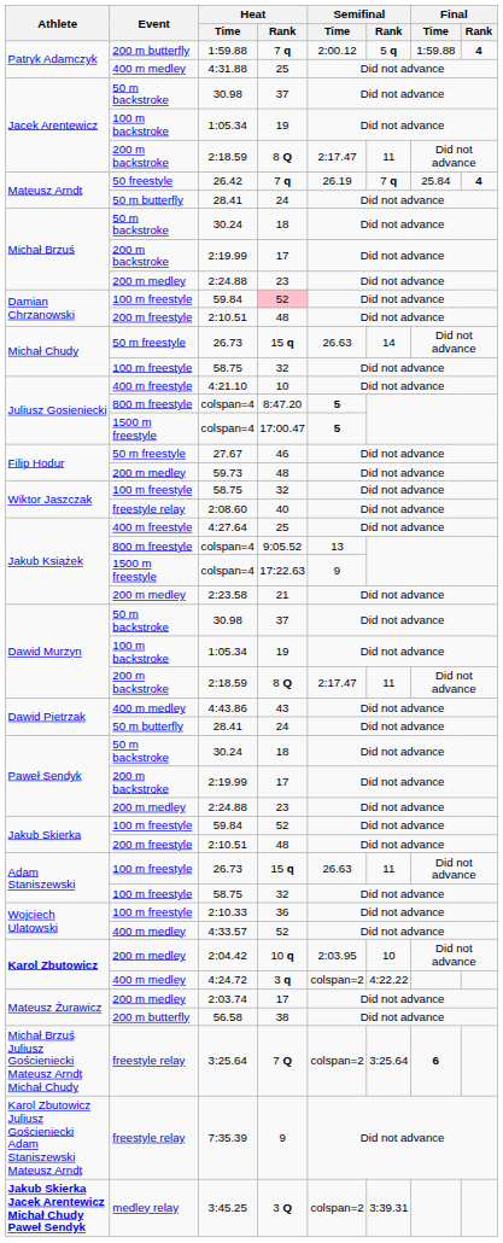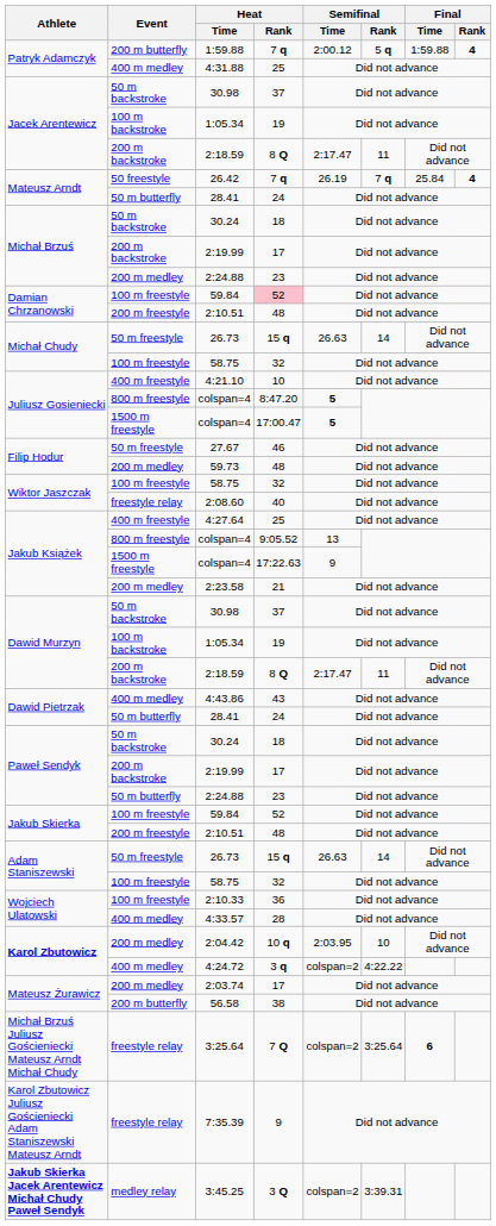 <table class=wikitable style="font-size:90%">
 <tr>
 <th rowspan="2">Athlete</th>
 <th rowspan="2">Event</th>
 <th colspan="2">Heat</th>
 <th colspan="2">Semifinal</th>
 <th colspan="2">Final</th>
 </tr>
 <tr style="font-size:95%">
 <th>Time</th>
 <th>Rank</th>
 <th>Time</th>
 <th>Rank</th>
 <th>Time</th>
 <th>Rank</th>
 </tr>
 <tr align=center>
 <td align=left rowspan=2><a href='#'>Patryk Adamczyk</a></td>
 <td align=left><a href='#'>200 m butterfly</a></td>
 <td>1:59.88</td>
 <td>7 <strong>q</strong></td>
 <td>2:00.12</td>
 <td>5 <strong>q</strong></td>
 <td>1:59.88</td>
 <td><strong>4</strong></td>
 </tr>
 <tr align=center>
 <td align=left><a href='#'>400 m medley</a></td>
 <td>4:31.88</td>
 <td>25</td>
 <td colspan=4>Did not advance</td>
 </tr>
 <tr align=center>
 <td align=left rowspan=3><a href='#'>Jacek Arentewicz</a></td>
 <td align=left><a href='#'>50 m backstroke</a></td>
 <td>30.98</td>
 <td>37</td>
 <td colspan=4>Did not advance</td>
 </tr>
 <tr align=center>
 <td align=left><a href='#'>100 m backstroke</a></td>
 <td>1:05.34</td>
 <td>19</td>
 <td colspan=4>Did not advance</td>
 </tr>
 <tr align=center>
 <td align=left><a href='#'>200 m backstroke</a></td>
 <td>2:18.59</td>
 <td>8 <strong>Q</strong></td>
 <td>2:17.47</td>
 <td>11</td>
 <td colspan=2>Did not advance</td>
 </tr>
 <tr align=center>
 <td align=left rowspan=2><a href='#'>Mateusz Arndt</a></td>
 <td align=left><a href='#'>50 freestyle</a></td>
 <td>26.42</td>
 <td>7 <strong>q</strong></td>
 <td>26.19</td>
 <td>7 <strong>q</strong></td>
 <td>25.84</td>
 <td><strong>4</strong></td>
 </tr>
 <tr align=center>
 <td align=left><a href='#'>50 m butterfly</a></td>
 <td>28.41</td>
 <td>24</td>
 <td colspan=4>Did not advance</td>
 </tr>
 <tr align=center>
 <td align=left rowspan=3><a href='#'>Michał Brzuś</a></td>
 <td align=left><a href='#'>50 m backstroke</a></td>
 <td>30.24</td>
 <td>18</td>
 <td colspan=4>Did not advance</td>
 </tr>
 <tr align=center>
 <td align=left><a href='#'>200 m backstroke</a></td>
 <td>2:19.99</td>
 <td>17</td>
 <td colspan=4>Did not advance</td>
 </tr>
 <tr align=center>
 <td align=left><a href='#'>200 m medley</a></td>
 <td>2:24.88</td>
 <td>23</td>
 <td colspan=4>Did not advance</td>
 </tr>
 <tr align=center>
 <td align=left rowspan=2><a href='#'>Damian Chrzanowski</a></td>
 <td align=left><a href='#'>100 m freestyle</a></td>
 <td>59.84</td>
 <td style="background: pink;">52</td>
 <td colspan=4>Did not advance</td>
 </tr>
 <tr align=center>
 <td align=left><a href='#'>200 m freestyle</a></td>
 <td>2:10.51</td>
 <td>48</td>
 <td colspan=4>Did not advance</td>
 </tr>
 <tr align=center>
 <td align=left rowspan=2><a href='#'>Michał Chudy</a></td>
 <td align=left><a href='#'>50 m freestyle</a></td>
 <td>26.73</td>
 <td>15 <strong>q</strong></td>
 <td>26.63</td>
 <td>14</td>
 <td colspan=2>Did not advance</td>
 </tr>
 <tr align=center>
 <td align=left><a href='#'>100 m freestyle</a></td>
 <td>58.75</td>
 <td>32</td>
 <td colspan=4>Did not advance</td>
 </tr>
 <tr align=center>
 <td align=left rowspan=3><a href='#'>Juliusz Gosieniecki</a></td>
 <td align=left><a href='#'>400 m freestyle</a></td>
 <td>4:21.10</td>
 <td>10</td>
 <td colspan=4>Did not advance</td>
 </tr>
 <tr align=center>
 <td align=left><a href='#'>800 m freestyle</a></td>
 <td>colspan=4 </td>
 <td>8:47.20</td>
 <td><strong>5</strong></td>
 </tr>
 <tr align=center>
 <td align=left><a href='#'>1500 m freestyle</a></td>
 <td>colspan=4 </td>
 <td>17:00.47</td>
 <td><strong>5</strong></td>
 </tr>
 <tr align=center>
 <td align=left rowspan=2><a href='#'>Filip Hodur</a></td>
 <td align=left><a href='#'>50 m freestyle</a></td>
 <td>27.67</td>
 <td>46</td>
 <td colspan=4>Did not advance</td>
 </tr>
 <tr align=center>
 <td align=left><a href='#'>200 m medley</a></td>
 <td>59.73</td>
 <td>48</td>
 <td colspan=4>Did not advance</td>
 </tr>
 <tr align=center>
 <td align=left rowspan=2><a href='#'>Wiktor Jaszczak</a></td>
 <td align=left><a href='#'>100 m freestyle</a></td>
 <td>58.75</td>
 <td>32</td>
 <td colspan=4>Did not advance</td>
 </tr>
 <tr align=center>
 <td align=left><a href='#'> freestyle relay</a></td>
 <td>2:08.60</td>
 <td>40</td>
 <td colspan=4>Did not advance</td>
 </tr>
 <tr align=center>
 <td align=left rowspan=4><a href='#'>Jakub Książek</a></td>
 <td align=left><a href='#'>400 m freestyle</a></td>
 <td>4:27.64</td>
 <td>25</td>
 <td colspan=4>Did not advance</td>
 </tr>
 <tr align=center>
 <td align=left><a href='#'>800 m freestyle</a></td>
 <td>colspan=4 </td>
 <td>9:05.52</td>
 <td>13</td>
 </tr>
 <tr align=center>
 <td align=left><a href='#'>1500 m freestyle</a></td>
 <td>colspan=4 </td>
 <td>17:22.63</td>
 <td>9</td>
 </tr>
 <tr align=center>
 <td align=left><a href='#'>200 m medley</a></td>
 <td>2:23.58</td>
 <td>21</td>
 <td colspan=4>Did not advance</td>
 </tr>
 <tr align=center>
 <td align=left rowspan=3><a href='#'>Dawid Murzyn</a></td>
 <td align=left><a href='#'>50 m backstroke</a></td>
 <td>30.98</td>
 <td>37</td>
 <td colspan=4>Did not advance</td>
 </tr>
 <tr align=center>
 <td align=left><a href='#'>100 m backstroke</a></td>
 <td>1:05.34</td>
 <td>19</td>
 <td colspan=4>Did not advance</td>
 </tr>
 <tr align=center>
 <td align=left><a href='#'>200 m backstroke</a></td>
 <td>2:18.59</td>
 <td>8 <strong>Q</strong></td>
 <td>2:17.47</td>
 <td>11</td>
 <td colspan=2>Did not advance</td>
 </tr>
 <tr align=center>
 <td align=left rowspan=2><a href='#'>Dawid Pietrzak</a></td>
 <td align=left><a href='#'>400 m medley</a></td>
 <td>4:43.86</td>
 <td>43</td>
 <td colspan=4>Did not advance</td>
 </tr>
 <tr align=center>
 <td align=left><a href='#'>50 m butterfly</a></td>
 <td>28.41</td>
 <td>24</td>
 <td colspan=4>Did not advance</td>
 </tr>
 <tr align=center>
 <td align=left rowspan=3><a href='#'>Paweł Sendyk</a></td>
 <td align=left><a href='#'>50 m backstroke</a></td>
 <td>30.24</td>
 <td>18</td>
 <td colspan=4>Did not advance</td>
 </tr>
 <tr align=center>
 <td align=left><a href='#'>200 m backstroke</a></td>
 <td>2:19.99</td>
 <td>17</td>
 <td colspan=4>Did not advance</td>
 </tr>
 <tr align=center>
-<td align=left><a href='#'>200 m medley</a></td>
+<td align=left><a href='#'>50 m butterfly</a></td>
 <td>2:24.88</td>
 <td>23</td>
 <td colspan=4>Did not advance</td>
 </tr>
 <tr align=center>
 <td align=left rowspan=2><a href='#'>Jakub Skierka</a></td>
 <td align=left><a href='#'>100 m freestyle</a></td>
 <td>59.84</td>
 <td>52</td>
 <td colspan=4>Did not advance</td>
 </tr>
 <tr align=center>
 <td align=left><a href='#'>200 m freestyle</a></td>
 <td>2:10.51</td>
 <td>48</td>
 <td colspan=4>Did not advance</td>
 </tr>
 <tr align=center>
 <td align=left rowspan=2><a href='#'>Adam Staniszewski</a></td>
-<td align=left><a href='#'>100 m freestyle</a></td>
+<td align=left><a href='#'>50 m freestyle</a></td>
 <td>26.73</td>
 <td>15 <strong>q</strong></td>
 <td>26.63</td>
-<td>11</td>
+<td>14</td>
 <td colspan=2>Did not advance</td>
 </tr>
 <tr align=center>
 <td align=left><a href='#'>100 m freestyle</a></td>
 <td>58.75</td>
 <td>32</td>
 <td colspan=4>Did not advance</td>
 </tr>
 <tr align=center>
 <td align=left rowspan=2><a href='#'>Wojciech Ulatowski</a></td>
 <td align=left><a href='#'>100 m freestyle</a></td>
 <td>2:10.33</td>
 <td>36</td>
 <td colspan=4>Did not advance</td>
 </tr>
 <tr align=center>
 <td align=left><a href='#'>400 m medley</a></td>
 <td>4:33.57</td>
-<td>52</td>
+<td>28</td>
 <td colspan=4>Did not advance</td>
 </tr>
 <tr align=center>
 <td align=left rowspan=2><strong><a href='#'>Karol Zbutowicz</a></strong></td>
 <td align=left><a href='#'>200 m medley</a></td>
 <td>2:04.42</td>
 <td>10 <strong>q</strong></td>
 <td>2:03.95</td>
 <td>10</td>
 <td colspan=2>Did not advance</td>
 </tr>
 <tr align=center>
 <td align=left><a href='#'>400 m medley</a></td>
 <td>4:24.72</td>
 <td>3 <strong>q</strong></td>
 <td>colspan=2 </td>
 <td>4:22.22</td>
 <td></td>
 </tr>
 <tr align=center>
 <td align=left rowspan=2><a href='#'>Mateusz Żurawicz</a></td>
 <td align=left><a href='#'>200 m medley</a></td>
 <td>2:03.74</td>
 <td>17</td>
 <td colspan=4>Did not advance</td>
 </tr>
 <tr align=center>
 <td align=left><a href='#'>200 m butterfly</a></td>
 <td>56.58</td>
 <td>38</td>
 <td colspan=4>Did not advance</td>
 </tr>
 <tr align=center>
 <td align=left><a href='#'>Michał Brzuś</a><br><a href='#'>Juliusz Gościeniecki</a><br><a href='#'>Mateusz Arndt</a> <br><a href='#'>Michał Chudy</a></td>
 <td align=left><a href='#'> freestyle relay</a></td>
 <td>3:25.64</td>
 <td>7 <strong>Q</strong></td>
 <td>colspan=2 </td>
 <td>3:25.64</td>
 <td><strong>6</strong></td>
 </tr>
 <tr align=center>
 <td align=left><a href='#'>Karol Zbutowicz</a><br><a href='#'>Juliusz Gościeniecki</a><br><a href='#'>Adam Staniszewski</a> <br><a href='#'>Mateusz Arndt</a></td>
 <td align=left><a href='#'> freestyle relay</a></td>
 <td>7:35.39</td>
 <td>9</td>
 <td colspan=4>Did not advance</td>
 </tr>
 <tr align=center>
 <td align=left><strong><a href='#'>Jakub Skierka</a><br><a href='#'>Jacek Arentewicz</a><br><a href='#'>Michał Chudy</a> <br><a href='#'>Paweł Sendyk</a></strong></td>
 <td align=left><a href='#'> medley relay</a></td>
 <td>3:45.25</td>
 <td>3 <strong>Q</strong></td>
 <td>colspan=2 </td>
 <td>3:39.31</td>
 <td></td>
 </tr>
 </table>
